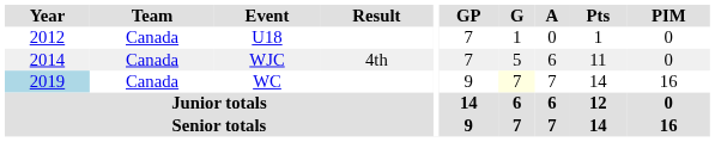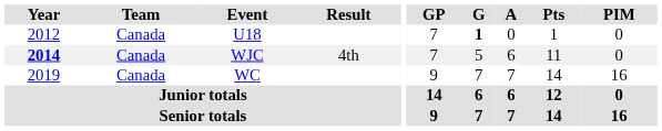 <table border="0" cellpadding="1" cellspacing="0" ID="Table3" style="text-align:center; width:40em;">
 <tr bgcolor="#e0e0e0">
 <th>Year</th>
 <th>Team</th>
 <th>Event</th>
 <th>Result</th>
 <th rowspan="99" bgcolor="#ffffff"></th>
 <th>GP</th>
 <th>G</th>
 <th>A</th>
 <th>Pts</th>
 <th>PIM</th>
 </tr>
 <tr>
 <td><a href='#'>2012</a></td>
 <td><a href='#'>Canada</a></td>
 <td><a href='#'>U18</a></td>
 <td></td>
 <td>7</td>
-<td>1</td>
+<td><strong>1</strong></td>
 <td>0</td>
 <td>1</td>
 <td>0</td>
 </tr>
 <tr bgcolor="#f0f0f0">
-<td><a href='#'>2014</a></td>
+<td><strong><a href='#'>2014</a></strong></td>
 <td><a href='#'>Canada</a></td>
 <td><a href='#'>WJC</a></td>
 <td>4th</td>
 <td>7</td>
 <td>5</td>
 <td>6</td>
 <td>11</td>
 <td>0</td>
 </tr>
 <tr>
-<td style="background: lightblue;"><a href='#'>2019</a></td>
+<td><a href='#'>2019</a></td>
 <td><a href='#'>Canada</a></td>
 <td><a href='#'>WC</a></td>
 <td></td>
 <td>9</td>
-<td style="background: lightyellow;">7</td>
+<td>7</td>
 <td>7</td>
 <td>14</td>
 <td>16</td>
 </tr>
 <tr bgcolor="#e0e0e0">
 <th colspan="4">Junior totals</th>
 <th>14</th>
 <th>6</th>
 <th>6</th>
 <th>12</th>
 <th>0</th>
 </tr>
 <tr bgcolor="#e0e0e0">
 <th colspan="4">Senior totals</th>
 <th>9</th>
 <th>7</th>
 <th>7</th>
 <th>14</th>
 <th>16</th>
 </tr>
 </table>
